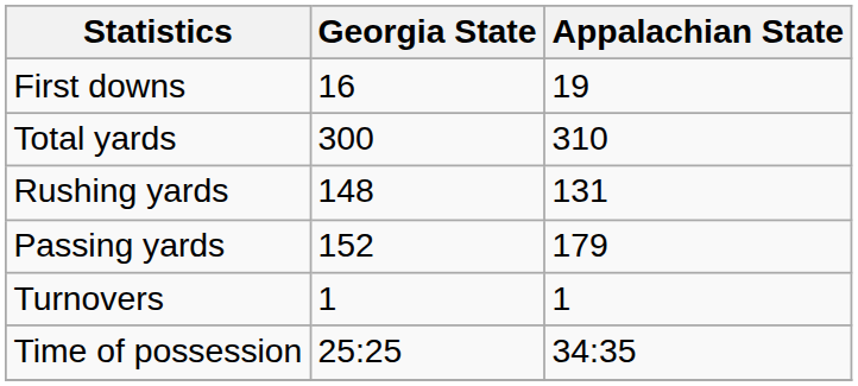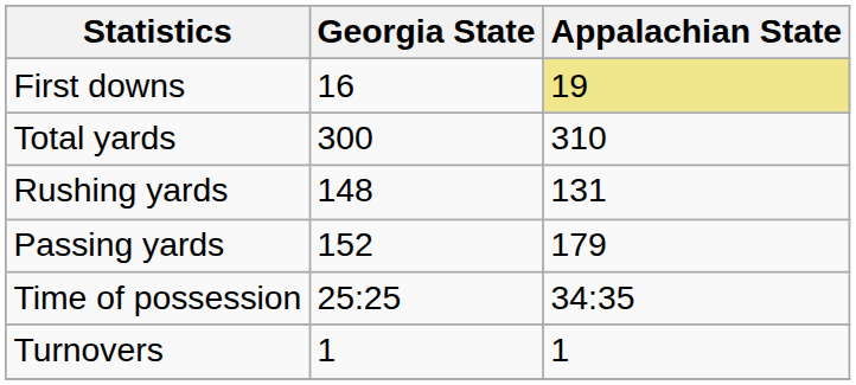 <table class="wikitable">
 <tr>
 <th>Statistics</th>
 <th>Georgia State</th>
 <th>Appalachian State</th>
 </tr>
 <tr>
 <td>First downs</td>
 <td>16</td>
-<td>19</td>
+<td style="background: khaki;">19</td>
 </tr>
 <tr>
 <td>Total yards</td>
 <td>300</td>
 <td>310</td>
 </tr>
 <tr>
 <td>Rushing yards</td>
 <td>148</td>
 <td>131</td>
 </tr>
 <tr>
 <td>Passing yards</td>
 <td>152</td>
 <td>179</td>
 </tr>
 <tr>
+<td>Time of possession</td>
+<td>25:25</td>
+<td>34:35</td>
+</tr>
+<tr>
 <td>Turnovers</td>
 <td>1</td>
 <td>1</td>
 </tr>
 <tr>
-<td>Time of possession</td>
-<td>25:25</td>
-<td>34:35</td>
-</tr>
-<tr>
 </tr>
 </table>
